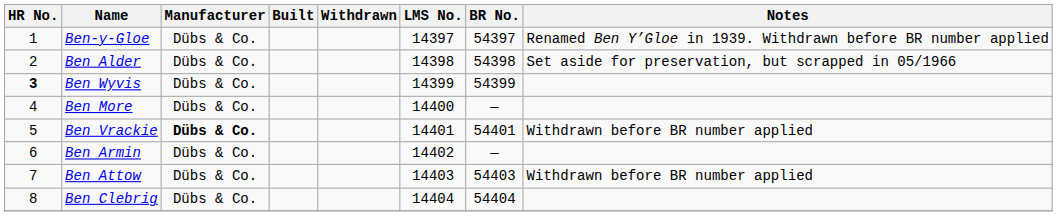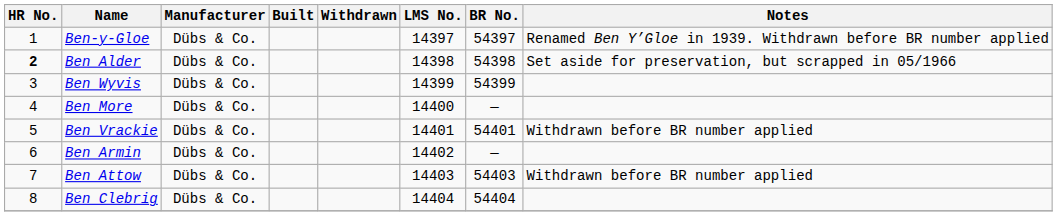 <table class="wikitable" style=text-align:center>
 <tr>
 <th>HR No.</th>
 <th>Name</th>
 <th>Manufacturer</th>
 <th>Built</th>
 <th>Withdrawn</th>
 <th>LMS No.</th>
 <th>BR No.</th>
 <th>Notes</th>
 </tr>
 <tr>
 <td>1</td>
 <td align=left><em><a href='#'>Ben-y-Gloe</a></em></td>
 <td>Dübs & Co. </td>
 <td></td>
 <td></td>
 <td>14397</td>
 <td>54397</td>
 <td align=left>Renamed <em>Ben Y’Gloe</em> in 1939. Withdrawn before BR number applied</td>
 </tr>
 <tr>
-<td>2</td>
+<td><strong>2</strong></td>
 <td align=left><em><a href='#'>Ben Alder</a></em></td>
 <td>Dübs & Co. </td>
 <td></td>
 <td></td>
 <td>14398</td>
 <td>54398</td>
 <td align=left>Set aside for preservation, but scrapped in 05/1966</td>
 </tr>
 <tr>
-<td><strong>3</strong></td>
+<td>3</td>
 <td align=left><em><a href='#'>Ben Wyvis</a></em></td>
 <td>Dübs & Co. </td>
 <td></td>
 <td></td>
 <td>14399</td>
 <td>54399</td>
 <td align=left></td>
 </tr>
 <tr>
 <td>4</td>
 <td align=left><em><a href='#'>Ben More</a></em></td>
 <td>Dübs & Co. </td>
 <td></td>
 <td></td>
 <td>14400</td>
 <td>—</td>
 <td align=left></td>
 </tr>
 <tr>
 <td>5</td>
 <td align=left><em><a href='#'>Ben Vrackie</a></em></td>
-<td><strong>Dübs & Co. </strong></td>
+<td>Dübs & Co. </td>
 <td></td>
 <td></td>
 <td>14401</td>
 <td>54401</td>
 <td align=left>Withdrawn before BR number applied</td>
 </tr>
 <tr>
 <td>6</td>
 <td align=left><em><a href='#'>Ben Armin</a></em></td>
 <td>Dübs & Co. </td>
 <td></td>
 <td></td>
 <td>14402</td>
 <td>—</td>
 <td align=left></td>
 </tr>
 <tr>
 <td>7</td>
 <td align=left><em><a href='#'>Ben Attow</a></em></td>
 <td>Dübs & Co. </td>
 <td></td>
 <td></td>
 <td>14403</td>
 <td>54403</td>
 <td align=left>Withdrawn before BR number applied</td>
 </tr>
 <tr>
 <td>8</td>
 <td align=left><em><a href='#'>Ben Clebrig</a></em></td>
 <td>Dübs & Co. </td>
 <td></td>
 <td></td>
 <td>14404</td>
 <td>54404</td>
 <td align=left></td>
 </tr>
 <tr>
 </tr>
 </table>
